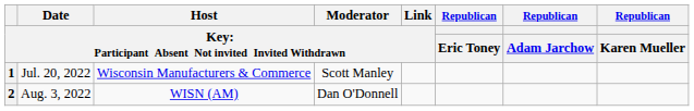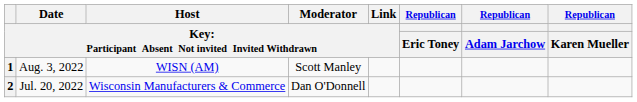 <table class="wikitable" style="text-align:center;">
 <tr>
 <th scope="col"></th>
 <th scope="col">Date</th>
 <th scope="col">Host</th>
 <th scope="col">Moderator</th>
 <th scope="col">Link</th>
 <th scope="col"><small><a href='#'>Republican</a></small></th>
 <th scope="col"><small><a href='#'>Republican</a></small></th>
 <th scope="col"><small><a href='#'>Republican</a></small></th>
 </tr>
 <tr>
 <th colspan="5" rowspan="2">Key:<br> <small>Participant </small>  <small>Absent </small>  <small>Not invited </small>  <small>Invited  Withdrawn</small></th>
 <th scope="col" style="background:"></th>
 <th scope="col" style="background:"></th>
 <th scope="col" style="background:"></th>
 </tr>
 <tr>
 <th scope="col">Eric Toney</th>
 <th scope="col"><a href='#'>Adam Jarchow</a></th>
 <th scope="col">Karen Mueller</th>
 </tr>
 <tr>
 <th>1</th>
-<td style="white-space:nowrap;">Jul. 20, 2022</td>
-<td style="white-space:nowrap;"><a href='#'>Wisconsin Manufacturers & Commerce</a></td>
+<td style="white-space:nowrap;">Aug. 3, 2022</td>
+<td style="white-space:nowrap;"><a href='#'>WISN (AM)</a></td>
 <td style="white-space:nowrap;">Scott Manley</td>
 <td style="white-space:nowrap;"></td>
 <td></td>
 <td></td>
 <td></td>
 </tr>
 <tr>
 <th>2</th>
-<td style="white-space:nowrap;">Aug. 3, 2022</td>
-<td style="white-space:nowrap;"><a href='#'>WISN (AM)</a></td>
+<td style="white-space:nowrap;">Jul. 20, 2022</td>
+<td style="white-space:nowrap;"><a href='#'>Wisconsin Manufacturers & Commerce</a></td>
 <td style="white-space:nowrap;">Dan O'Donnell</td>
 <td style="white-space:nowrap;"></td>
 <td></td>
 <td></td>
 <td></td>
 </tr>
 </table>
